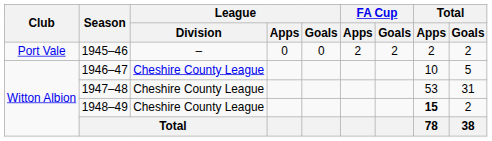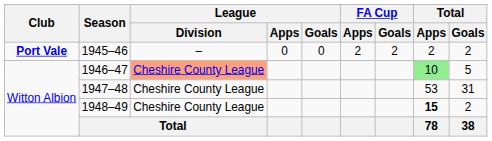 <table class="wikitable" style="text-align:center">
 <tr>
 <th rowspan="2">Club</th>
 <th rowspan="2">Season</th>
 <th colspan="3">League</th>
 <th colspan="2"><a href='#'>FA Cup</a></th>
 <th colspan="2">Total</th>
 </tr>
 <tr>
 <th>Division</th>
 <th>Apps</th>
 <th>Goals</th>
 <th>Apps</th>
 <th>Goals</th>
 <th>Apps</th>
 <th>Goals</th>
 </tr>
 <tr>
-<td><a href='#'>Port Vale</a></td>
+<td><strong><a href='#'>Port Vale</a></strong></td>
 <td>1945–46</td>
 <td>–</td>
 <td>0</td>
 <td>0</td>
 <td>2</td>
 <td>2</td>
 <td>2</td>
 <td>2</td>
 </tr>
 <tr>
 <td rowspan="4"><a href='#'>Witton Albion</a></td>
 <td>1946–47</td>
-<td><a href='#'>Cheshire County League</a></td>
+<td style="background: lightsalmon;"><a href='#'>Cheshire County League</a></td>
 <td></td>
 <td></td>
 <td></td>
 <td></td>
-<td>10</td>
+<td style="background: lightgreen;">10</td>
 <td>5</td>
 </tr>
 <tr>
 <td>1947–48</td>
 <td>Cheshire County League</td>
 <td></td>
 <td></td>
 <td></td>
 <td></td>
 <td>53</td>
 <td>31</td>
 </tr>
 <tr>
 <td>1948–49</td>
 <td>Cheshire County League</td>
 <td></td>
 <td></td>
 <td></td>
 <td></td>
 <td><strong>15</strong></td>
 <td>2</td>
 </tr>
 <tr>
 <th colspan="2">Total</th>
 <th></th>
 <th></th>
 <th></th>
 <th></th>
 <th>78</th>
 <th>38</th>
 </tr>
 </table>
